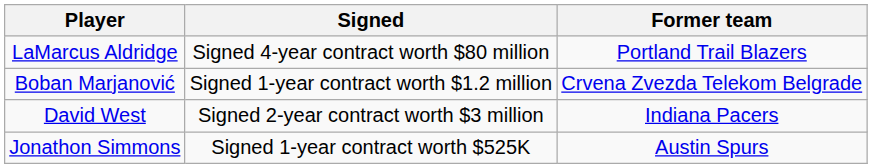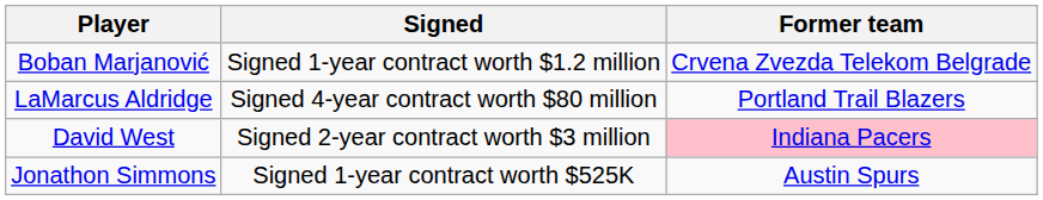 <table class="wikitable sortable sortable">
 <tr>
 <th>Player</th>
 <th>Signed</th>
 <th>Former team</th>
 </tr>
 <tr style="text-align: center">
+<td><a href='#'>Boban Marjanović</a></td>
+<td>Signed 1-year contract worth $1.2 million</td>
+<td> <a href='#'>Crvena Zvezda Telekom Belgrade</a></td>
+</tr>
+<tr style="text-align: center">
 <td><a href='#'>LaMarcus Aldridge</a></td>
 <td>Signed 4-year contract worth $80 million</td>
 <td><a href='#'>Portland Trail Blazers</a></td>
 </tr>
 <tr style="text-align: center">
-<td><a href='#'>Boban Marjanović</a></td>
-<td>Signed 1-year contract worth $1.2 million</td>
-<td> <a href='#'>Crvena Zvezda Telekom Belgrade</a></td>
-</tr>
-<tr style="text-align: center">
 <td><a href='#'>David West</a></td>
 <td>Signed 2-year contract worth $3 million</td>
-<td><a href='#'>Indiana Pacers</a></td>
+<td style="background: pink;"><a href='#'>Indiana Pacers</a></td>
 </tr>
 <tr style="text-align: center">
 <td><a href='#'>Jonathon Simmons</a></td>
 <td>Signed 1-year contract worth $525K</td>
 <td><a href='#'>Austin Spurs</a></td>
 </tr>
 </table>
